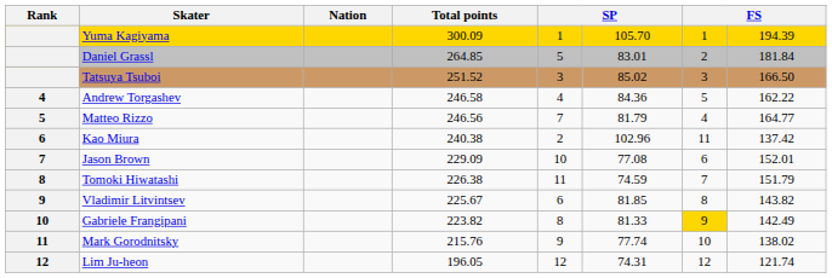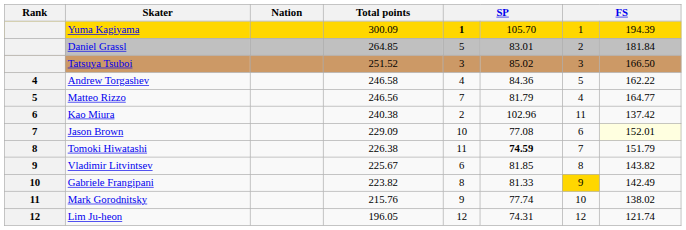 <table class="wikitable sortable" style="text-align:center;" width="80%">
 <tr>
 <th scope="col">Rank</th>
 <th scope="col">Skater</th>
 <th scope="col">Nation</th>
 <th scope="col">Total points</th>
 <th scope="col" colspan="2" width="80px"><a href='#'>SP</a></th>
 <th scope="col" colspan="2" width="80px"><a href='#'>FS</a></th>
 </tr>
 <tr bgcolor="gold">
 <th scope="row"></th>
 <td align="left"><a href='#'>Yuma Kagiyama</a></td>
 <td align="left"></td>
 <td>300.09</td>
-<td>1</td>
+<td><strong>1</strong></td>
 <td>105.70</td>
 <td>1</td>
 <td>194.39</td>
 </tr>
 <tr bgcolor="silver">
 <th scope="row"></th>
 <td align="left"><a href='#'>Daniel Grassl</a></td>
 <td align="left"></td>
 <td>264.85</td>
 <td>5</td>
 <td>83.01</td>
 <td>2</td>
 <td>181.84</td>
 </tr>
 <tr bgcolor="cc9966">
 <th scope="row"></th>
 <td align="left"><a href='#'>Tatsuya Tsuboi</a></td>
 <td align="left"></td>
 <td>251.52</td>
 <td>3</td>
 <td>85.02</td>
 <td>3</td>
 <td>166.50</td>
 </tr>
 <tr>
 <th scope="row">4</th>
 <td align="left"><a href='#'>Andrew Torgashev</a></td>
 <td align="left"></td>
 <td>246.58</td>
 <td>4</td>
 <td>84.36</td>
 <td>5</td>
 <td>162.22</td>
 </tr>
 <tr>
 <th scope="row">5</th>
 <td align="left"><a href='#'>Matteo Rizzo</a></td>
 <td align="left"></td>
 <td>246.56</td>
 <td>7</td>
 <td>81.79</td>
 <td>4</td>
 <td>164.77</td>
 </tr>
 <tr>
 <th scope="row">6</th>
 <td align="left"><a href='#'>Kao Miura</a></td>
 <td align="left"></td>
 <td>240.38</td>
 <td>2</td>
 <td>102.96</td>
 <td>11</td>
 <td>137.42</td>
 </tr>
 <tr>
 <th scope="row">7</th>
 <td align="left"><a href='#'>Jason Brown</a></td>
 <td align="left"></td>
 <td>229.09</td>
 <td>10</td>
 <td>77.08</td>
 <td>6</td>
-<td>152.01</td>
+<td style="background: lightyellow;">152.01</td>
 </tr>
 <tr>
 <th scope="row">8</th>
 <td align="left"><a href='#'>Tomoki Hiwatashi</a></td>
 <td align="left"></td>
 <td>226.38</td>
 <td>11</td>
-<td>74.59</td>
+<td><strong>74.59</strong></td>
 <td>7</td>
 <td>151.79</td>
 </tr>
 <tr>
 <th scope="row">9</th>
 <td align="left"><a href='#'>Vladimir Litvintsev</a></td>
 <td align="left"></td>
 <td>225.67</td>
 <td>6</td>
 <td>81.85</td>
 <td>8</td>
 <td>143.82</td>
 </tr>
 <tr>
 <th scope="row">10</th>
 <td align="left"><a href='#'>Gabriele Frangipani</a></td>
 <td align="left"></td>
 <td>223.82</td>
 <td>8</td>
 <td>81.33</td>
 <td style="background: gold;">9</td>
 <td>142.49</td>
 </tr>
 <tr>
 <th scope="row">11</th>
 <td align="left"><a href='#'>Mark Gorodnitsky</a></td>
 <td align="left"></td>
 <td>215.76</td>
 <td>9</td>
 <td>77.74</td>
 <td>10</td>
 <td>138.02</td>
 </tr>
 <tr>
 <th scope="row">12</th>
 <td align="left"><a href='#'>Lim Ju-heon</a></td>
 <td align="left"></td>
 <td>196.05</td>
 <td>12</td>
 <td>74.31</td>
 <td>12</td>
 <td>121.74</td>
 </tr>
 </table>
